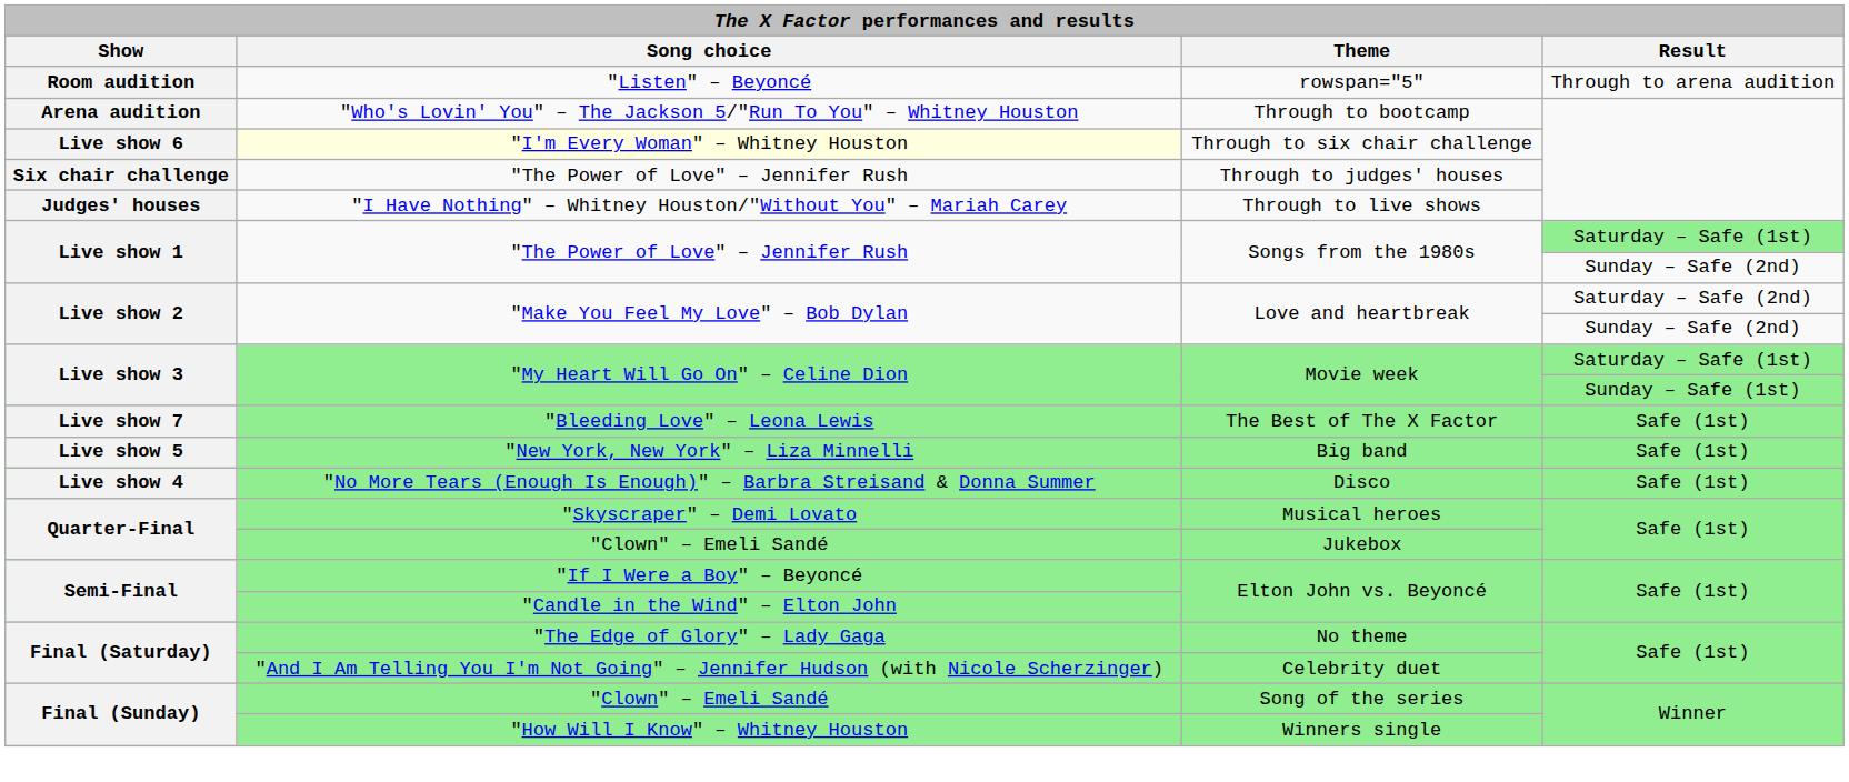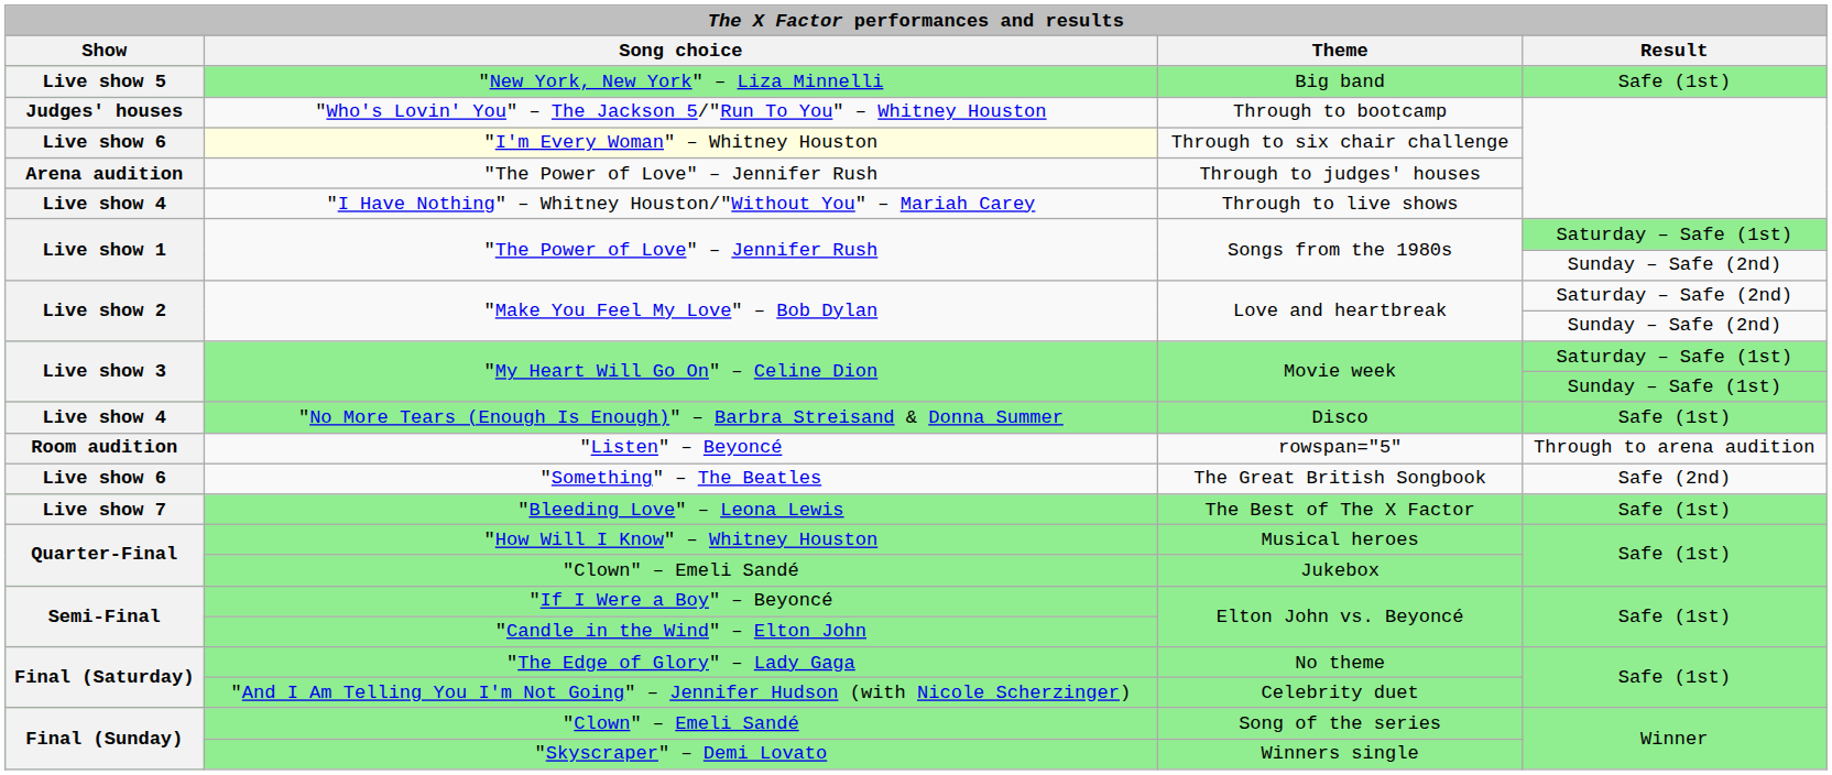 <table class="wikitable collapsible collapsed" style="width:100%; margin:1em auto 1em auto; text-align:center;">
 <tr>
 <th colspan="4" style="background:#BFBFBF;"><em>The X Factor</em> performances and results</th>
 </tr>
 <tr>
 <th style="text-align:centre;">Show</th>
 <th style="text-align:centre;">Song choice</th>
 <th style="text-align:centre;">Theme</th>
 <th style="text-align:centre;">Result</th>
 </tr>
-<tr>
-<th>Room audition</th>
-<td>"<a href='#'>Listen</a>" – <a href='#'>Beyoncé</a></td>
-<td>rowspan="5" </td>
-<td>Through to arena audition</td>
+<tr style="background:lightgreen;">
+<th>Live show 5</th>
+<td>"<a href='#'>New York, New York</a>" – <a href='#'>Liza Minnelli</a></td>
+<td>Big band</td>
+<td>Safe (1st)</td>
 </tr>
 <tr>
-<th>Arena audition</th>
+<th>Judges' houses</th>
 <td>"<a href='#'>Who's Lovin' You</a>" – <a href='#'>The Jackson 5</a>/"<a href='#'>Run To You</a>" – <a href='#'>Whitney Houston</a></td>
 <td>Through to bootcamp</td>
 </tr>
 <tr>
 <th>Live show 6</th>
 <td style="background: lightyellow;">"<a href='#'>I'm Every Woman</a>" – Whitney Houston</td>
 <td>Through to six chair challenge</td>
 </tr>
 <tr>
-<th>Six chair challenge</th>
+<th>Arena audition</th>
 <td>"The Power of Love" – Jennifer Rush</td>
 <td>Through to judges' houses</td>
 </tr>
 <tr>
-<th>Judges' houses</th>
+<th>Live show 4</th>
 <td>"<a href='#'>I Have Nothing</a>" – Whitney Houston/"<a href='#'>Without You</a>" – <a href='#'>Mariah Carey</a></td>
 <td>Through to live shows</td>
 </tr>
 <tr>
 <th rowspan="2">Live show 1</th>
 <td rowspan="2">"<a href='#'>The Power of Love</a>" – <a href='#'>Jennifer Rush</a></td>
 <td rowspan="2">Songs from the 1980s</td>
 <td style="background:lightgreen;">Saturday – Safe (1st)</td>
 </tr>
 <tr>
 <td>Sunday – Safe (2nd)</td>
 </tr>
 <tr>
 <th rowspan="2">Live show 2</th>
 <td rowspan="2">"<a href='#'>Make You Feel My Love</a>" – <a href='#'>Bob Dylan</a></td>
 <td rowspan="2">Love and heartbreak</td>
 <td>Saturday – Safe (2nd)</td>
 </tr>
 <tr>
 <td>Sunday – Safe (2nd)</td>
 </tr>
 <tr style="background:lightgreen;">
 <th rowspan="2">Live show 3</th>
 <td rowspan="2">"<a href='#'>My Heart Will Go On</a>" – <a href='#'>Celine Dion</a></td>
 <td rowspan="2">Movie week</td>
 <td style="background:lightgreen;">Saturday – Safe (1st)</td>
 </tr>
 <tr>
 <td style="background:lightgreen;">Sunday – Safe (1st)</td>
 </tr>
 <tr style="background:lightgreen;">
+<th>Live show 4</th>
+<td>"<a href='#'>No More Tears (Enough Is Enough)</a>" – <a href='#'>Barbra Streisand</a> & <a href='#'>Donna Summer</a></td>
+<td>Disco</td>
+<td>Safe (1st)</td>
+</tr>
+<tr>
+<th>Room audition</th>
+<td>"<a href='#'>Listen</a>" – <a href='#'>Beyoncé</a></td>
+<td>rowspan="5" </td>
+<td>Through to arena audition</td>
+</tr>
+<tr>
+<th>Live show 6</th>
+<td>"<a href='#'>Something</a>" – <a href='#'>The Beatles</a></td>
+<td>The Great British Songbook</td>
+<td>Safe (2nd)</td>
+</tr>
+<tr style="background:lightgreen;">
 <th>Live show 7</th>
 <td>"<a href='#'>Bleeding Love</a>" – <a href='#'>Leona Lewis</a></td>
 <td>The Best of The X Factor</td>
 <td>Safe (1st)</td>
 </tr>
 <tr style="background:lightgreen;">
-<th>Live show 5</th>
-<td>"<a href='#'>New York, New York</a>" – <a href='#'>Liza Minnelli</a></td>
-<td>Big band</td>
-<td>Safe (1st)</td>
-</tr>
-<tr style="background:lightgreen;">
-<th>Live show 4</th>
-<td>"<a href='#'>No More Tears (Enough Is Enough)</a>" – <a href='#'>Barbra Streisand</a> & <a href='#'>Donna Summer</a></td>
-<td>Disco</td>
-<td>Safe (1st)</td>
-</tr>
-<tr style="background:lightgreen;">
 <th rowspan="2">Quarter-Final</th>
-<td>"<a href='#'>Skyscraper</a>" – <a href='#'>Demi Lovato</a></td>
+<td>"<a href='#'>How Will I Know</a>" – <a href='#'>Whitney Houston</a></td>
 <td>Musical heroes</td>
 <td rowspan="2">Safe (1st)</td>
 </tr>
 <tr style="background:lightgreen;">
 <td>"Clown" – Emeli Sandé</td>
 <td>Jukebox</td>
 </tr>
 <tr style="background:lightgreen;">
 <th rowspan="2">Semi-Final</th>
 <td>"<a href='#'>If I Were a Boy</a>" – Beyoncé</td>
 <td rowspan="2">Elton John vs. Beyoncé</td>
 <td rowspan="2">Safe (1st)</td>
 </tr>
 <tr style="background:lightgreen;">
 <td>"<a href='#'>Candle in the Wind</a>" – <a href='#'>Elton John</a></td>
 </tr>
 <tr style="background:lightgreen;">
 <th rowspan="2">Final (Saturday)</th>
 <td>"<a href='#'>The Edge of Glory</a>" – <a href='#'>Lady Gaga</a></td>
 <td>No theme</td>
 <td rowspan="2">Safe (1st)</td>
 </tr>
 <tr style="background:lightgreen;">
 <td>"<a href='#'>And I Am Telling You I'm Not Going</a>" – <a href='#'>Jennifer Hudson</a> (with <a href='#'>Nicole Scherzinger</a>)</td>
 <td>Celebrity duet</td>
 </tr>
 <tr style="background:lightgreen;">
 <th rowspan="2">Final (Sunday)</th>
 <td>"<a href='#'>Clown</a>" – <a href='#'>Emeli Sandé</a></td>
 <td>Song of the series</td>
 <td rowspan="2">Winner</td>
 </tr>
 <tr style="background:lightgreen;">
-<td>"<a href='#'>How Will I Know</a>" – <a href='#'>Whitney Houston</a></td>
+<td>"<a href='#'>Skyscraper</a>" – <a href='#'>Demi Lovato</a></td>
 <td>Winners single</td>
 </tr>
 </table>
